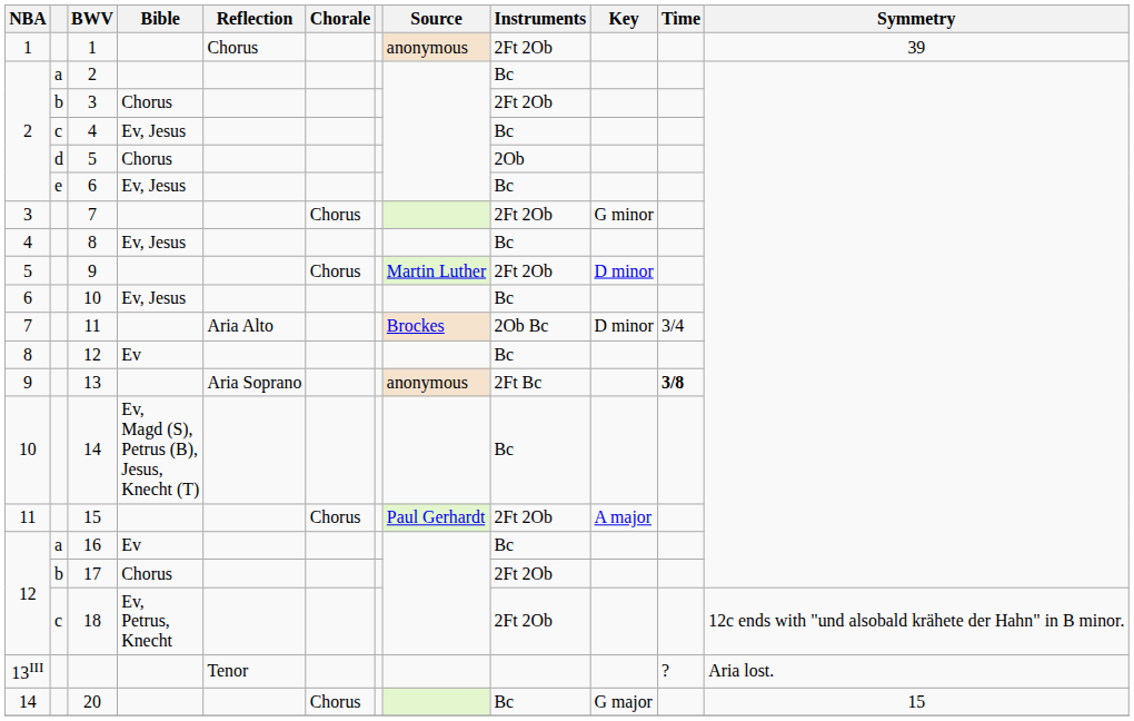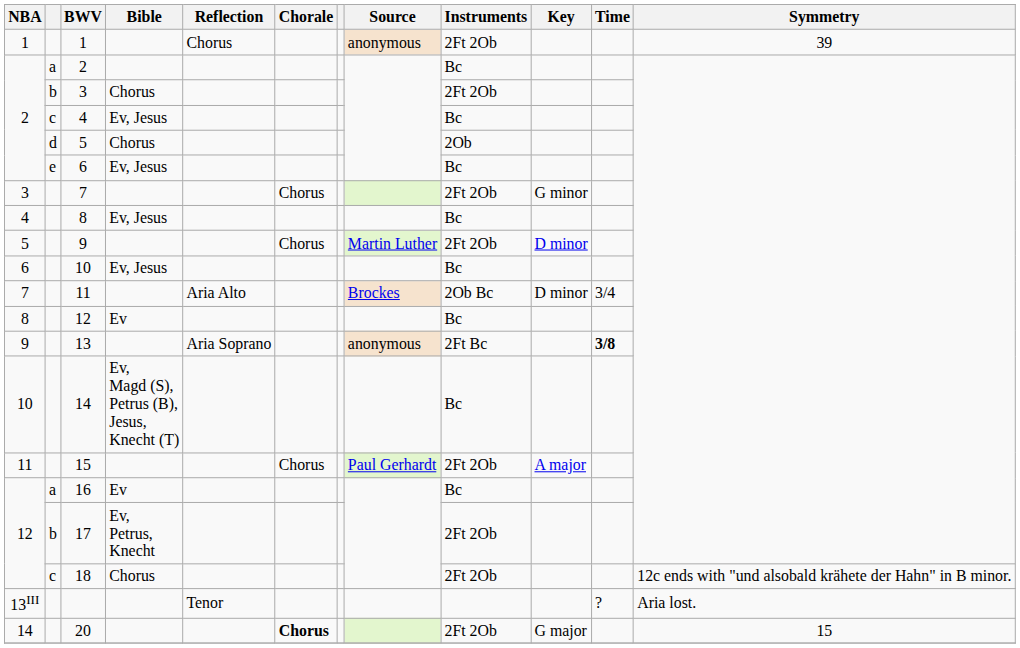 <table class="wikitable">
 <tr>
 <th scope="col">NBA</th>
 <th scope="col"></th>
 <th scope="col">BWV</th>
 <th scope="col">Bible</th>
 <th scope="col">Reflection</th>
 <th scope="col">Chorale</th>
 <th scope="col"></th>
 <th scope="col">Source</th>
 <th scope="col">Instruments</th>
 <th scope="col">Key</th>
 <th scope="col">Time</th>
 <th scope="col">Symmetry</th>
 </tr>
 <tr id="1">
 <td style="text-align:center">1</td>
 <td></td>
 <td style="text-align:center">1</td>
 <td></td>
 <td>Chorus</td>
 <td></td>
 <td><em></em></td>
 <td style="background: #F6E3CE;">anonymous</td>
 <td>2Ft 2Ob </td>
 <td></td>
 <td></td>
 <td style="text-align:center">39</td>
 </tr>
 <tr id="2">
 <td rowspan="5" style="text-align:center">2</td>
 <td>a</td>
 <td style="text-align:center">2</td>
 <td></td>
 <td></td>
 <td></td>
 <td><em></em></td>
 <td rowspan="5"></td>
 <td>Bc</td>
 <td></td>
 <td></td>
 </tr>
 <tr>
 <td>b</td>
 <td style="text-align:center">3</td>
 <td>Chorus</td>
 <td></td>
 <td></td>
 <td><em></em></td>
 <td>2Ft 2Ob </td>
 <td></td>
 <td></td>
 </tr>
 <tr>
 <td>c</td>
 <td style="text-align:center">4</td>
 <td>Ev, Jesus</td>
 <td></td>
 <td></td>
 <td><em></em></td>
 <td>Bc</td>
 <td></td>
 <td></td>
 </tr>
 <tr>
 <td>d</td>
 <td style="text-align:center">5</td>
 <td>Chorus</td>
 <td></td>
 <td></td>
 <td><em></em></td>
 <td>2Ob </td>
 <td></td>
 <td></td>
 </tr>
 <tr>
 <td>e</td>
 <td style="text-align:center">6</td>
 <td>Ev, Jesus</td>
 <td></td>
 <td></td>
 <td><em></em></td>
 <td>Bc</td>
 <td></td>
 <td></td>
 </tr>
 <tr id="3">
 <td style="text-align:center">3</td>
 <td></td>
 <td style="text-align:center">7</td>
 <td></td>
 <td></td>
 <td>Chorus</td>
 <td><em></em></td>
 <td style="background: #E3F6CE;"></td>
 <td>2Ft 2Ob </td>
 <td>G minor</td>
 <td></td>
 </tr>
 <tr id="4">
 <td style="text-align:center">4</td>
 <td></td>
 <td style="text-align:center">8</td>
 <td>Ev, Jesus</td>
 <td></td>
 <td></td>
 <td><em></em></td>
 <td></td>
 <td>Bc</td>
 <td></td>
 <td></td>
 </tr>
 <tr id="5">
 <td style="text-align:center">5</td>
 <td></td>
 <td style="text-align:center">9</td>
 <td></td>
 <td></td>
 <td>Chorus</td>
 <td><em></em></td>
 <td style="background: #E3F6CE;"><a href='#'>Martin Luther</a></td>
 <td>2Ft 2Ob </td>
 <td><a href='#'>D minor</a></td>
 <td></td>
 </tr>
 <tr id="6">
 <td style="text-align:center">6</td>
 <td></td>
 <td style="text-align:center">10</td>
 <td>Ev, Jesus</td>
 <td></td>
 <td></td>
 <td><em></em></td>
 <td></td>
 <td>Bc</td>
 <td></td>
 <td></td>
 </tr>
 <tr id="7">
 <td style="text-align:center">7</td>
 <td></td>
 <td style="text-align:center">11</td>
 <td></td>
 <td>Aria Alto</td>
 <td></td>
 <td><em></em></td>
 <td style="background: #F6E3CE;"><a href='#'>Brockes</a></td>
 <td>2Ob Bc</td>
 <td>D minor</td>
 <td>3/4</td>
 </tr>
 <tr id="8">
 <td style="text-align:center">8</td>
 <td></td>
 <td style="text-align:center">12</td>
 <td>Ev</td>
 <td></td>
 <td></td>
 <td><em></em></td>
 <td></td>
 <td>Bc</td>
 <td></td>
 <td></td>
 </tr>
 <tr id="9">
 <td style="text-align:center">9</td>
 <td></td>
 <td style="text-align:center">13</td>
 <td></td>
 <td>Aria Soprano</td>
 <td></td>
 <td><em></em></td>
 <td style="background: #F6E3CE;">anonymous</td>
 <td>2Ft Bc</td>
 <td></td>
 <td><strong>3/8</strong></td>
 </tr>
 <tr id="10">
 <td style="text-align:center">10</td>
 <td></td>
 <td style="text-align:center">14</td>
 <td>Ev,<br> Magd (S),<br> Petrus (B),<br> Jesus,<br> Knecht (T)</td>
 <td></td>
 <td></td>
 <td><em></em></td>
 <td></td>
 <td>Bc</td>
 <td></td>
 <td></td>
 </tr>
 <tr id="11">
 <td style="text-align:center">11</td>
 <td></td>
 <td style="text-align:center">15</td>
 <td></td>
 <td></td>
 <td>Chorus</td>
 <td><em></em></td>
 <td style="background: #E3F6CE;"><a href='#'>Paul Gerhardt</a></td>
 <td>2Ft 2Ob </td>
 <td><a href='#'>A major</a></td>
 <td></td>
 </tr>
 <tr id="12">
 <td rowspan="3" style="text-align:center">12</td>
 <td>a</td>
 <td style="text-align:center">16</td>
 <td>Ev</td>
 <td></td>
 <td></td>
 <td><em></em></td>
 <td rowspan="3"></td>
 <td>Bc</td>
 <td></td>
 <td></td>
 </tr>
 <tr>
 <td>b</td>
 <td style="text-align:center">17</td>
-<td>Chorus</td>
+<td>Ev,<br> Petrus,<br> Knecht</td>
 <td></td>
 <td></td>
 <td><em></em></td>
 <td>2Ft 2Ob </td>
 <td></td>
 <td></td>
 </tr>
 <tr>
 <td>c</td>
 <td style="text-align:center">18</td>
-<td>Ev,<br> Petrus,<br> Knecht</td>
+<td>Chorus</td>
 <td></td>
 <td></td>
 <td><em></em></td>
 <td>2Ft 2Ob </td>
 <td></td>
 <td></td>
 <td>12c ends with "und alsobald krähete der Hahn" in B minor.</td>
 </tr>
 <tr id="13">
 <td style="text-align:center">13<sup>III</sup></td>
 <td></td>
 <td style="text-align:center"></td>
 <td></td>
 <td>Tenor</td>
 <td></td>
 <td><em></em></td>
 <td style="background:"></td>
 <td></td>
 <td></td>
 <td>?</td>
 <td>Aria lost.</td>
 </tr>
 <tr id="14">
 <td style="text-align:center">14</td>
 <td></td>
 <td style="text-align:center">20</td>
 <td></td>
 <td></td>
-<td>Chorus</td>
+<td><strong>Chorus</strong></td>
 <td><em></em></td>
 <td style="background: #E3F6CE;"></td>
-<td>Bc</td>
+<td>2Ft 2Ob </td>
 <td>G major</td>
 <td></td>
 <td style="text-align:center">15</td>
 </tr>
 <tr>
 </tr>
 </table>
